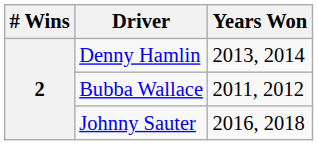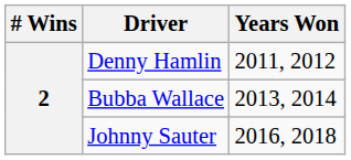 <table class="wikitable" style="font-size: 95%;">
 <tr>
 <th># Wins</th>
 <th>Driver</th>
 <th>Years Won</th>
 </tr>
 <tr>
 <th rowspan="3">2</th>
 <td><a href='#'>Denny Hamlin</a></td>
-<td>2013, 2014</td>
+<td>2011, 2012</td>
 </tr>
 <tr>
 <td><a href='#'>Bubba Wallace</a></td>
-<td>2011, 2012</td>
+<td>2013, 2014</td>
 </tr>
 <tr>
 <td><a href='#'>Johnny Sauter</a></td>
 <td>2016, 2018</td>
 </tr>
 </table>
